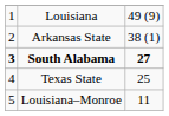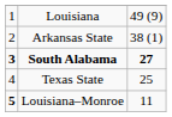 <table class="wikitable" style="display: inline-table;">
 <tr align="center">
 </tr>
 <tr align="center">
 <td>1</td>
 <td>Louisiana</td>
 <td>49 (9)</td>
 </tr>
 <tr align="center">
 <td>2</td>
 <td>Arkansas State</td>
 <td>38 (1)</td>
 </tr>
 <tr align="center">
 <td><strong>3</strong></td>
 <td><strong>South Alabama</strong></td>
 <td><strong>27</strong></td>
 </tr>
 <tr align="center">
 <td>4</td>
 <td>Texas State</td>
 <td>25</td>
 </tr>
 <tr align="center">
-<td>5</td>
+<td><strong>5</strong></td>
 <td>Louisiana–Monroe</td>
 <td>11</td>
 </tr>
 </table>
